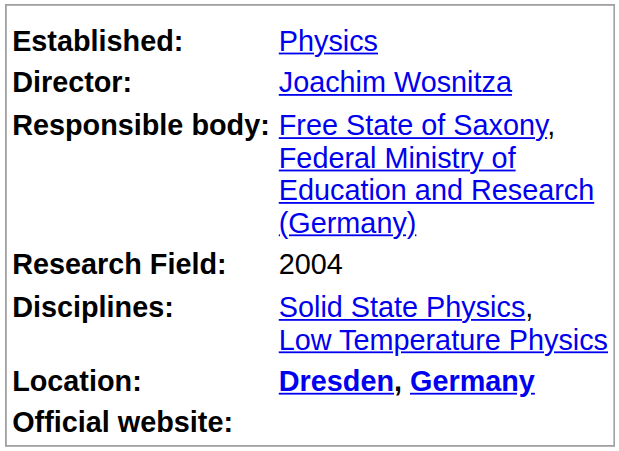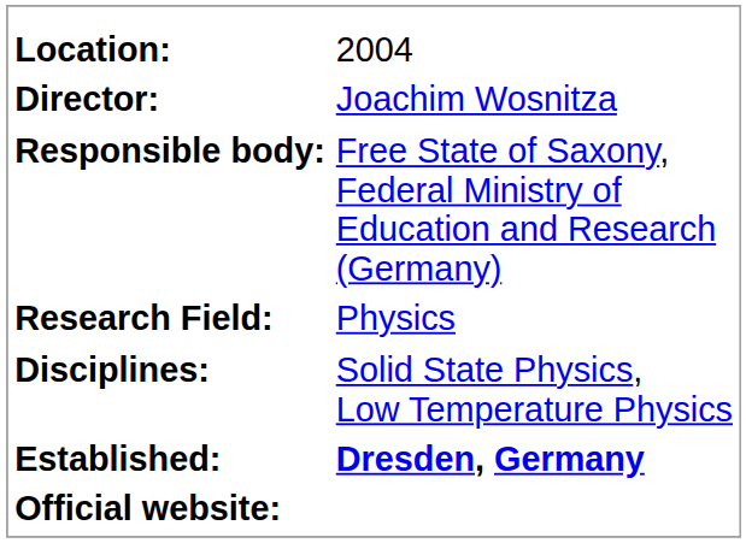 <table border="0" cellpadding="2" cellspacing="1" style="border: 1px solid #A0A0A0; float:right; empty-cells:show; margin-left:25px; background:#FFFFFF;">
 <tr --- bgcolor="#FFFFFF">
 </tr>
 <tr style="background: #ffffff; text-align: center;">
 </tr>
 <tr style="background: #ffffff; text-align: center;">
 </tr>
 <tr>
 <td align="center" colspan="2"></td>
 </tr>
 <tr bgcolor="#FFFFFF">
-<td><strong>Established:</strong></td>
-<td><a href='#'>Physics</a></td>
+<td><strong>Location:</strong></td>
+<td>2004</td>
 </tr>
 <tr bgcolor="#FFFFFF">
 <td><strong>Director:</strong></td>
 <td><a href='#'>Joachim Wosnitza</a></td>
 </tr>
 <tr bgcolor="#FFFFFF">
 </tr>
 <tr valign="top">
 <td scope="row"><strong>Responsible body:</strong></td>
 <td><a href='#'>Free State of Saxony</a>, <br><a href='#'>Federal Ministry of <br>Education and Research<br>(Germany)</a></td>
 </tr>
 <tr bgcolor="#FFFFFF">
 <td><strong>Research Field:</strong></td>
-<td>2004</td>
+<td><a href='#'>Physics</a></td>
 </tr>
 <tr bgcolor="#FFFFFF">
 </tr>
 <tr valign="top">
 <td scope="row"><strong>Disciplines:</strong></td>
 <td><a href='#'>Solid State Physics</a>,<br> <a href='#'>Low Temperature Physics</a></td>
 </tr>
 <tr bgcolor="#FFFFFF">
-<td><strong>Location:</strong></td>
+<td><strong>Established:</strong></td>
 <td><strong><a href='#'>Dresden</a>, <a href='#'>Germany</a></strong></td>
 </tr>
 <tr bgcolor="#FFFFFF">
 <td><strong>Official website:</strong></td>
 <td></td>
 </tr>
 </table>
